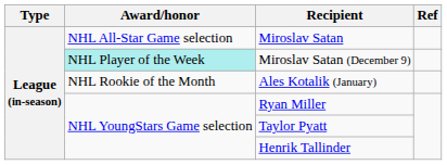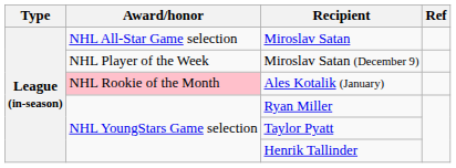 <table class="wikitable">
 <tr>
 <th scope="col">Type</th>
 <th scope="col">Award/honor</th>
 <th scope="col">Recipient</th>
 <th scope="col">Ref</th>
 </tr>
 <tr>
 <th scope="row" rowspan="6">League<br><small>(in-season)</small></th>
 <td><a href='#'>NHL All-Star Game</a> selection</td>
 <td><a href='#'>Miroslav Satan</a></td>
 <td></td>
 </tr>
 <tr>
-<td style="background: paleturquoise;">NHL Player of the Week</td>
+<td>NHL Player of the Week</td>
 <td>Miroslav Satan <small>(December 9)</small></td>
 <td></td>
 </tr>
 <tr>
-<td>NHL Rookie of the Month</td>
+<td style="background: pink;">NHL Rookie of the Month</td>
 <td><a href='#'>Ales Kotalik</a> <small>(January)</small></td>
 <td></td>
 </tr>
 <tr>
 <td rowspan="3"><a href='#'>NHL YoungStars Game</a> selection</td>
 <td><a href='#'>Ryan Miller</a></td>
 <td rowspan="3"></td>
 </tr>
 <tr>
 <td><a href='#'>Taylor Pyatt</a></td>
 </tr>
 <tr>
 <td><a href='#'>Henrik Tallinder</a></td>
 </tr>
 </table>
